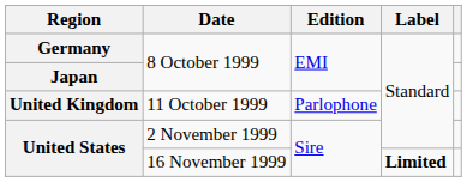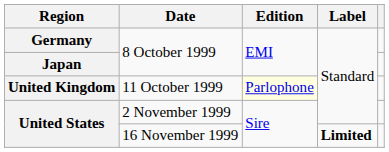 <table class="wikitable plainrowheaders">
 <tr>
 <th scope="col">Region</th>
 <th scope="col">Date</th>
 <th scope="col">Edition</th>
 <th scope="col">Label</th>
 <th scope="col"></th>
 </tr>
 <tr>
 <th scope="row">Germany</th>
 <td rowspan="2">8 October 1999</td>
 <td rowspan="2"><a href='#'>EMI</a></td>
 <td rowspan="4">Standard</td>
 <td align="center"></td>
 </tr>
 <tr>
 <th scope="row">Japan</th>
 <td align="center"></td>
 </tr>
 <tr>
 <th scope="row">United Kingdom</th>
 <td>11 October 1999</td>
-<td><a href='#'>Parlophone</a></td>
+<td style="background: lightyellow;"><a href='#'>Parlophone</a></td>
 <td align="center"></td>
 </tr>
 <tr>
 <th scope="row" rowspan="2">United States</th>
 <td>2 November 1999</td>
 <td rowspan="2"><a href='#'>Sire</a></td>
 <td align="center"></td>
 </tr>
 <tr>
 <td>16 November 1999</td>
 <td><strong>Limited</strong></td>
 <td align="center"></td>
 </tr>
 </table>
